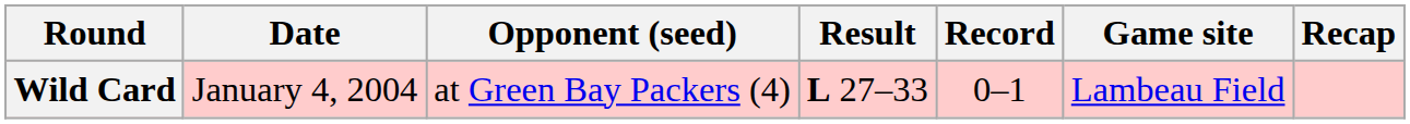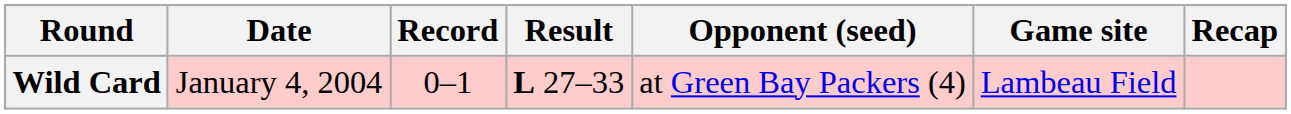 <table class="wikitable" style="text-align:center">
 <tr>
 <th>Round</th>
 <th>Date</th>
+<th>Record</th>
+<th>Result</th>
 <th>Opponent (seed)</th>
-<th>Result</th>
-<th>Record</th>
 <th>Game site</th>
 <th>Recap</th>
 </tr>
 <tr style="background:#fcc">
 <th>Wild Card</th>
 <td>January 4, 2004</td>
+<td>0–1</td>
+<td><strong>L</strong> 27–33 </td>
 <td>at <a href='#'>Green Bay Packers</a> (4)</td>
-<td><strong>L</strong> 27–33 </td>
-<td>0–1</td>
 <td><a href='#'>Lambeau Field</a></td>
 <td></td>
 </tr>
 </table>
